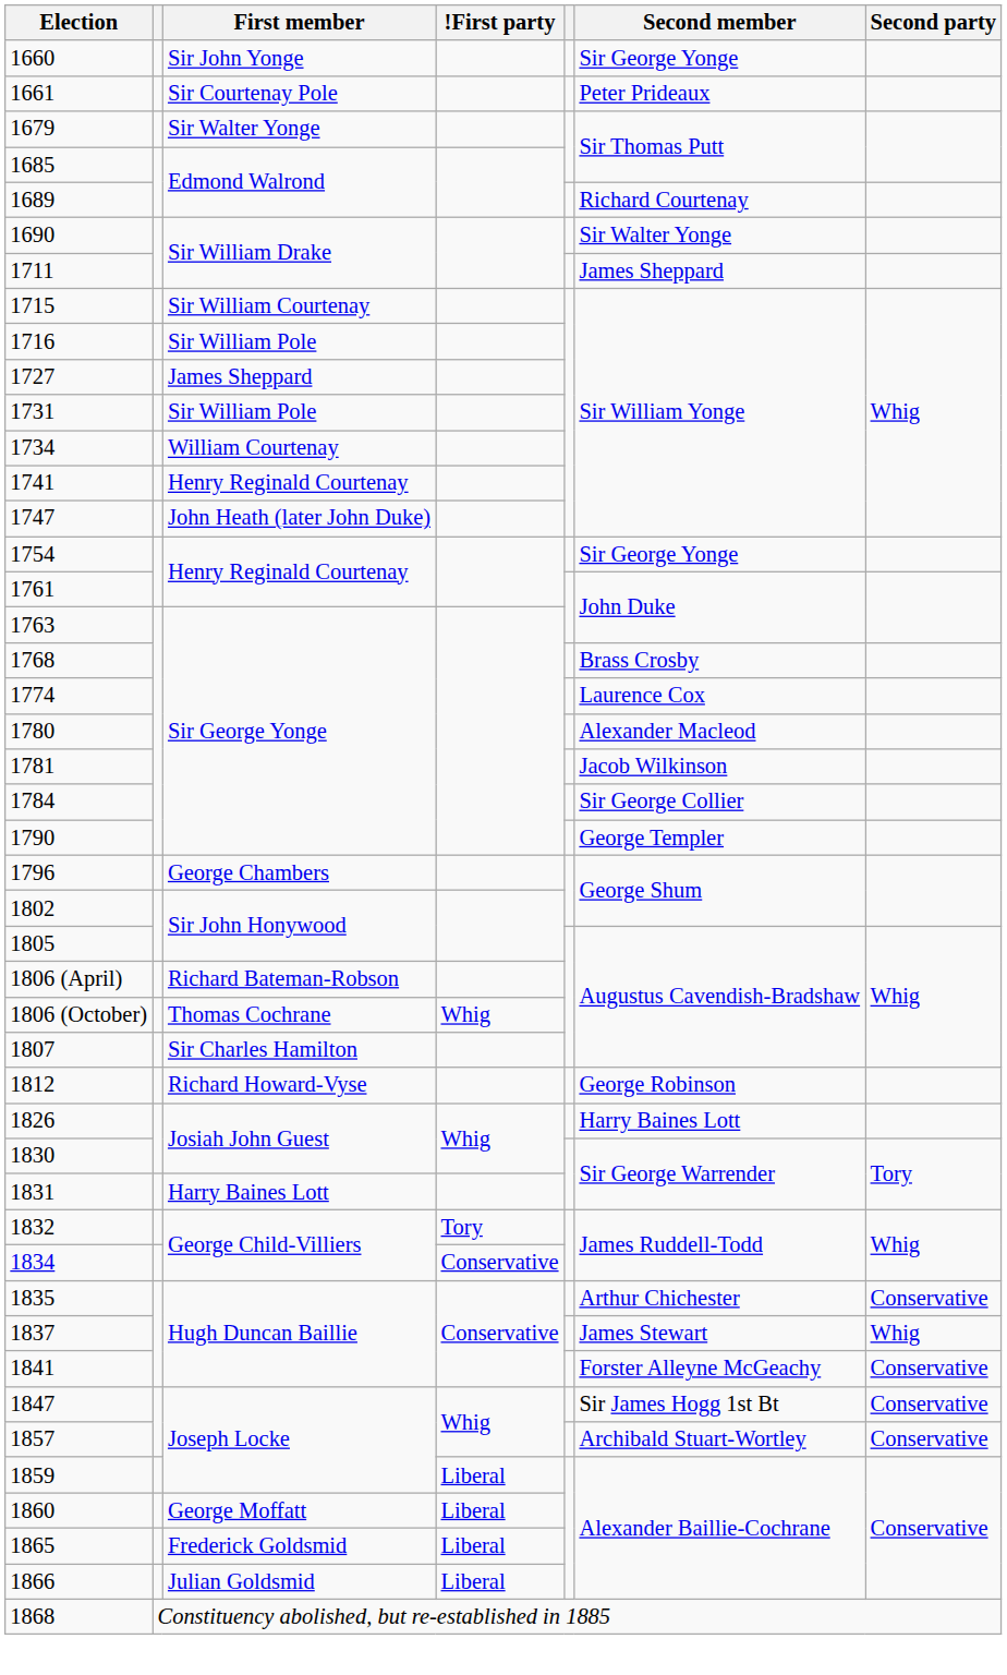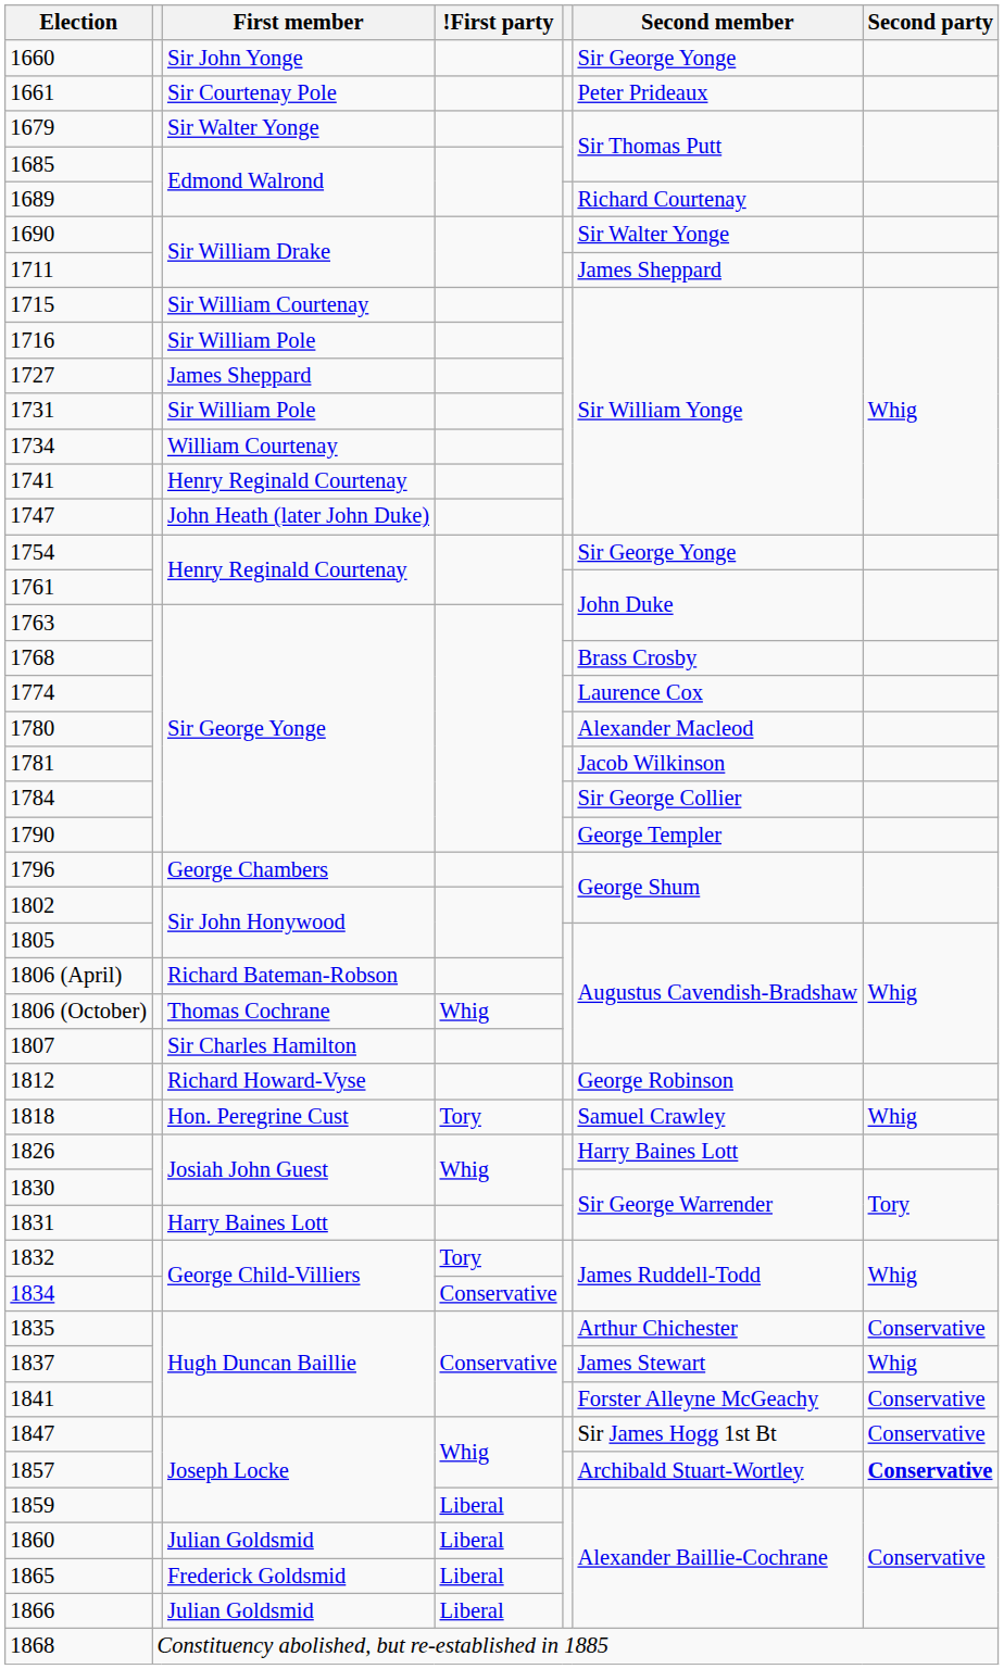 <table class="wikitable">
 <tr>
 <th>Election</th>
 <th></th>
 <th>First member</th>
 <th>!First party</th>
 <th></th>
 <th>Second member</th>
 <th>Second party</th>
 </tr>
 <tr>
 <td>1660</td>
 <td></td>
 <td><a href='#'>Sir John Yonge</a></td>
 <td></td>
 <td></td>
 <td><a href='#'>Sir George Yonge</a></td>
 <td></td>
 </tr>
 <tr>
 <td>1661</td>
 <td></td>
 <td><a href='#'>Sir Courtenay Pole</a></td>
 <td></td>
 <td></td>
 <td><a href='#'>Peter Prideaux</a></td>
 <td></td>
 </tr>
 <tr>
 <td>1679</td>
 <td></td>
 <td><a href='#'>Sir Walter Yonge</a></td>
 <td></td>
 <td rowspan="2"></td>
 <td rowspan="2"><a href='#'>Sir Thomas Putt</a></td>
 <td rowspan="2"></td>
 </tr>
 <tr>
 <td>1685</td>
 <td rowspan="2"></td>
 <td rowspan="2"><a href='#'>Edmond Walrond</a></td>
 <td rowspan="2"></td>
 </tr>
 <tr>
 <td>1689</td>
 <td></td>
 <td><a href='#'>Richard Courtenay</a></td>
 <td></td>
 </tr>
 <tr>
 <td>1690</td>
 <td rowspan="2"></td>
 <td rowspan="2"><a href='#'>Sir William Drake</a></td>
 <td rowspan="2"></td>
 <td></td>
 <td><a href='#'>Sir Walter Yonge</a></td>
 <td></td>
 </tr>
 <tr>
 <td>1711</td>
 <td></td>
 <td><a href='#'>James Sheppard</a></td>
 <td></td>
 </tr>
 <tr>
 <td>1715</td>
 <td></td>
 <td><a href='#'>Sir William Courtenay</a></td>
 <td></td>
 <td rowspan=7 style="color:inherit;background-color: "></td>
 <td rowspan=7><a href='#'>Sir William Yonge</a></td>
 <td rowspan=7><a href='#'>Whig</a></td>
 </tr>
 <tr>
 <td>1716</td>
 <td></td>
 <td><a href='#'>Sir William Pole</a></td>
 <td></td>
 </tr>
 <tr>
 <td>1727</td>
 <td></td>
 <td><a href='#'>James Sheppard</a></td>
 <td></td>
 </tr>
 <tr>
 <td>1731</td>
 <td></td>
 <td><a href='#'>Sir William Pole</a></td>
 <td></td>
 </tr>
 <tr>
 <td>1734</td>
 <td></td>
 <td><a href='#'>William Courtenay</a></td>
 <td></td>
 </tr>
 <tr>
 <td>1741</td>
 <td></td>
 <td><a href='#'>Henry Reginald Courtenay</a></td>
 <td></td>
 </tr>
 <tr>
 <td>1747</td>
 <td></td>
 <td><a href='#'>John Heath (later John Duke)</a></td>
 <td></td>
 </tr>
 <tr>
 <td>1754</td>
 <td rowspan="2"></td>
 <td rowspan="2"><a href='#'>Henry Reginald Courtenay</a></td>
 <td rowspan="2"></td>
 <td></td>
 <td><a href='#'>Sir George Yonge</a></td>
 <td></td>
 </tr>
 <tr>
 <td>1761</td>
 <td rowspan="2"></td>
 <td rowspan="2"><a href='#'>John Duke</a></td>
 <td rowspan="2"></td>
 </tr>
 <tr>
 <td>1763</td>
 <td rowspan="7"></td>
 <td rowspan="7"><a href='#'>Sir George Yonge</a></td>
 <td rowspan="7"></td>
 </tr>
 <tr>
 <td>1768</td>
 <td></td>
 <td><a href='#'>Brass Crosby</a></td>
 <td></td>
 </tr>
 <tr>
 <td>1774</td>
 <td></td>
 <td><a href='#'>Laurence Cox</a></td>
 <td></td>
 </tr>
 <tr>
 <td>1780</td>
 <td></td>
 <td><a href='#'>Alexander Macleod</a></td>
 <td></td>
 </tr>
 <tr>
 <td>1781</td>
 <td></td>
 <td><a href='#'>Jacob Wilkinson</a></td>
 <td></td>
 </tr>
 <tr>
 <td>1784</td>
 <td></td>
 <td><a href='#'>Sir George Collier</a></td>
 <td></td>
 </tr>
 <tr>
 <td>1790</td>
 <td></td>
 <td><a href='#'>George Templer</a></td>
 <td></td>
 </tr>
 <tr>
 <td>1796</td>
 <td></td>
 <td><a href='#'>George Chambers</a></td>
 <td></td>
 <td rowspan="2"></td>
 <td rowspan="2"><a href='#'>George Shum</a></td>
 <td rowspan="2"></td>
 </tr>
 <tr>
 <td>1802</td>
 <td rowspan="2"></td>
 <td rowspan="2"><a href='#'>Sir John Honywood</a></td>
 <td rowspan="2"></td>
 </tr>
 <tr>
 <td>1805</td>
 <td rowspan="4" style="color:inherit;background-color: "></td>
 <td rowspan="4"><a href='#'>Augustus Cavendish-Bradshaw</a></td>
 <td rowspan="4"><a href='#'>Whig</a></td>
 </tr>
 <tr>
 <td>1806 (April)</td>
 <td></td>
 <td><a href='#'>Richard Bateman-Robson</a></td>
 <td></td>
 </tr>
 <tr>
 <td>1806 (October)</td>
 <td style="color:inherit;background-color: "></td>
 <td><a href='#'>Thomas Cochrane</a></td>
 <td><a href='#'>Whig</a></td>
 </tr>
 <tr>
 <td>1807</td>
 <td></td>
 <td><a href='#'>Sir Charles Hamilton</a></td>
 <td></td>
 </tr>
 <tr>
 <td>1812</td>
 <td></td>
 <td><a href='#'>Richard Howard-Vyse</a></td>
 <td></td>
 <td></td>
 <td><a href='#'>George Robinson</a></td>
 <td></td>
 </tr>
 <tr>
+<td>1818</td>
+<td style="color:inherit;background-color: "></td>
+<td><a href='#'>Hon. Peregrine Cust</a></td>
+<td><a href='#'>Tory</a></td>
+<td style="color:inherit;background-color: "></td>
+<td><a href='#'>Samuel Crawley</a></td>
+<td><a href='#'>Whig</a></td>
+</tr>
+<tr>
 <td>1826</td>
 <td rowspan="2" style="color:inherit;background-color: "></td>
 <td rowspan="2"><a href='#'>Josiah John Guest</a></td>
 <td rowspan="2"><a href='#'>Whig</a></td>
 <td></td>
 <td><a href='#'>Harry Baines Lott</a></td>
 <td></td>
 </tr>
 <tr>
 <td>1830</td>
 <td rowspan="2" style="color:inherit;background-color: "></td>
 <td rowspan="2"><a href='#'>Sir George Warrender</a></td>
 <td rowspan="2"><a href='#'>Tory</a></td>
 </tr>
 <tr>
 <td>1831</td>
 <td></td>
 <td><a href='#'>Harry Baines Lott</a></td>
 <td></td>
 </tr>
 <tr>
 <td>1832</td>
 <td style="color:inherit;background-color: "></td>
 <td rowspan="2"><a href='#'>George Child-Villiers</a></td>
 <td><a href='#'>Tory</a></td>
 <td rowspan="2" style="color:inherit;background-color: "></td>
 <td rowspan="2"><a href='#'>James Ruddell-Todd</a></td>
 <td rowspan="2"><a href='#'>Whig</a></td>
 </tr>
 <tr>
 <td><a href='#'>1834</a></td>
 <td style="color:inherit;background-color: "></td>
 <td><a href='#'>Conservative</a></td>
 </tr>
 <tr>
 <td>1835</td>
 <td rowspan="3" style="color:inherit;background-color: "></td>
 <td rowspan="3"><a href='#'>Hugh Duncan Baillie</a></td>
 <td rowspan="3"><a href='#'>Conservative</a></td>
 <td style="color:inherit;background-color: "></td>
 <td><a href='#'>Arthur Chichester</a></td>
 <td><a href='#'>Conservative</a></td>
 </tr>
 <tr>
 <td>1837</td>
 <td style="color:inherit;background-color: "></td>
 <td><a href='#'>James Stewart</a></td>
 <td><a href='#'>Whig</a></td>
 </tr>
 <tr>
 <td>1841</td>
 <td style="color:inherit;background-color: "></td>
 <td><a href='#'>Forster Alleyne McGeachy</a></td>
 <td><a href='#'>Conservative</a></td>
 </tr>
 <tr>
 <td>1847</td>
 <td rowspan="2" style="color:inherit;background-color: "></td>
 <td rowspan="3"><a href='#'>Joseph Locke</a></td>
 <td rowspan="2"><a href='#'>Whig</a></td>
 <td style="color:inherit;background-color: "></td>
 <td>Sir <a href='#'>James Hogg</a> 1st Bt</td>
 <td><a href='#'>Conservative</a></td>
 </tr>
 <tr>
 <td>1857</td>
 <td style="color:inherit;background-color: "></td>
 <td><a href='#'>Archibald Stuart-Wortley</a></td>
-<td><a href='#'>Conservative</a></td>
+<td><strong><a href='#'>Conservative</a></strong></td>
 </tr>
 <tr>
 <td>1859</td>
 <td style="color:inherit;background-color: "></td>
 <td><a href='#'>Liberal</a></td>
 <td rowspan="4" style="color:inherit;background-color: "></td>
 <td rowspan="4"><a href='#'>Alexander Baillie-Cochrane</a></td>
 <td rowspan="4"><a href='#'>Conservative</a></td>
 </tr>
 <tr>
 <td>1860</td>
 <td style="color:inherit;background-color: "></td>
-<td><a href='#'>George Moffatt</a></td>
+<td><a href='#'>Julian Goldsmid</a></td>
 <td><a href='#'>Liberal</a></td>
 </tr>
 <tr>
 <td>1865</td>
 <td style="color:inherit;background-color: "></td>
 <td><a href='#'>Frederick Goldsmid</a></td>
 <td><a href='#'>Liberal</a></td>
 </tr>
 <tr>
 <td>1866</td>
 <td style="color:inherit;background-color: "></td>
 <td><a href='#'>Julian Goldsmid</a></td>
 <td><a href='#'>Liberal</a></td>
 </tr>
 <tr>
 <td>1868</td>
 <td colspan="6"><em>Constituency abolished, but re-established in 1885</em></td>
 </tr>
 </table>
